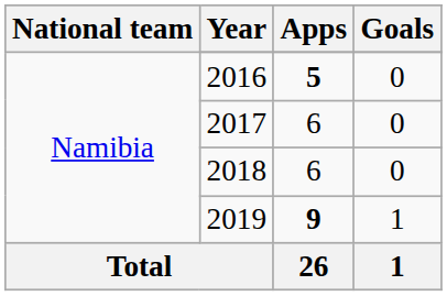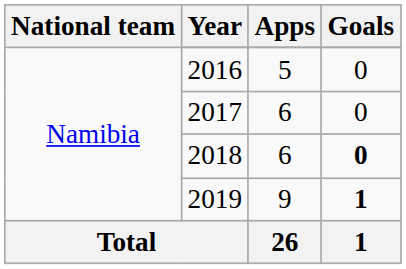 <table class=wikitable style=text-align:center>
 <tr>
 <th>National team</th>
 <th>Year</th>
 <th>Apps</th>
 <th>Goals</th>
 </tr>
 <tr>
 <td rowspan=5><a href='#'>Namibia</a></td>
 </tr>
 <tr>
 <td>2016</td>
-<td><strong>5</strong></td>
+<td>5</td>
 <td>0</td>
 </tr>
 <tr>
 <td>2017</td>
 <td>6</td>
 <td>0</td>
 </tr>
 <tr>
 <td>2018</td>
 <td>6</td>
-<td>0</td>
+<td><strong>0</strong></td>
 </tr>
 <tr>
 <td>2019</td>
-<td><strong>9</strong></td>
-<td>1</td>
+<td>9</td>
+<td><strong>1</strong></td>
 </tr>
 <tr>
 <th colspan=2>Total</th>
 <th>26</th>
 <th>1</th>
 </tr>
 </table>
